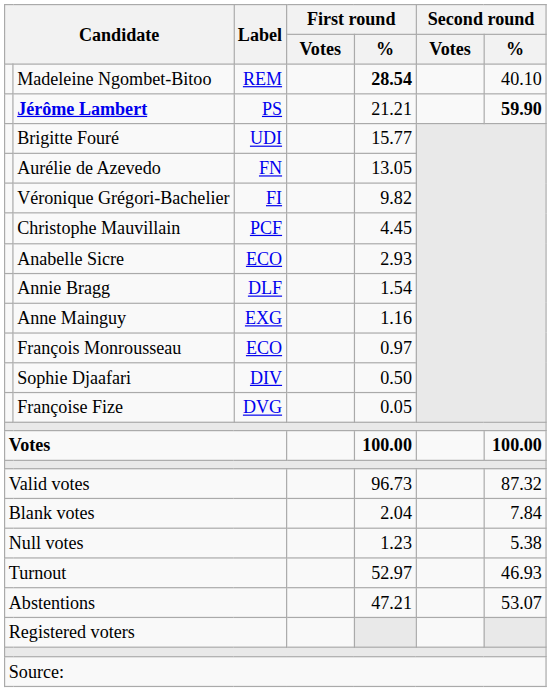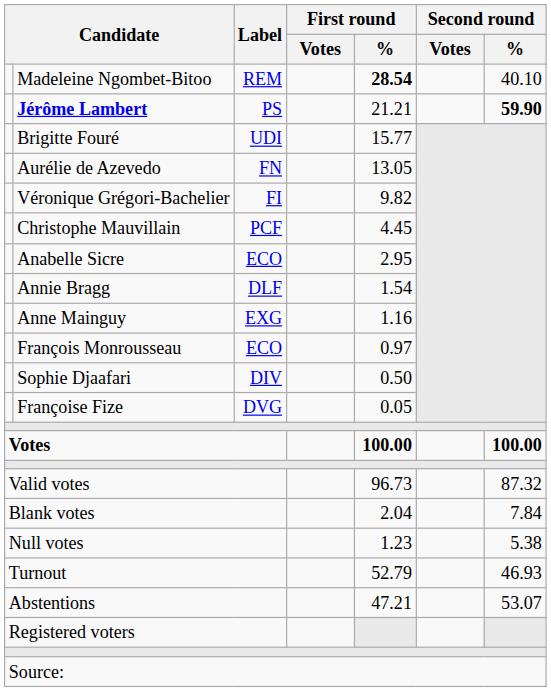 <table class="wikitable" style="text-align:right;font-size:95%;">
 <tr>
 <th colspan="2" rowspan="2">Candidate</th>
 <th rowspan="2">Label</th>
 <th colspan="2">First round</th>
 <th colspan="2">Second round</th>
 </tr>
 <tr>
 <th style="width:50px;">Votes</th>
 <th style="width:45px;">%</th>
 <th style="width:50px;">Votes</th>
 <th style="width:45px;">%</th>
 </tr>
 <tr>
 <td style="color:inherit;background:"></td>
 <td style="text-align:left;">Madeleine Ngombet-Bitoo</td>
 <td><a href='#'>REM</a></td>
 <td></td>
 <td><strong>28.54</strong></td>
 <td></td>
 <td>40.10</td>
 </tr>
 <tr>
 <td style="color:inherit;background:"></td>
 <td style="text-align:left;"><strong><a href='#'>Jérôme Lambert</a></strong></td>
 <td><a href='#'>PS</a></td>
 <td></td>
 <td>21.21</td>
 <td><strong></strong></td>
 <td><strong>59.90</strong></td>
 </tr>
 <tr>
 <td style="color:inherit;background:"></td>
 <td style="text-align:left;">Brigitte Fouré</td>
 <td><a href='#'>UDI</a></td>
 <td></td>
 <td>15.77</td>
 <td colspan="2" rowspan="10" style="background:#E9E9E9;"></td>
 </tr>
 <tr>
 <td style="color:inherit;background:"></td>
 <td style="text-align:left;">Aurélie de Azevedo</td>
 <td><a href='#'>FN</a></td>
 <td></td>
 <td>13.05</td>
 </tr>
 <tr>
 <td style="color:inherit;background:"></td>
 <td style="text-align:left;">Véronique Grégori-Bachelier</td>
 <td><a href='#'>FI</a></td>
 <td></td>
 <td>9.82</td>
 </tr>
 <tr>
 <td style="color:inherit;background:"></td>
 <td style="text-align:left;">Christophe Mauvillain</td>
 <td><a href='#'>PCF</a></td>
 <td></td>
 <td>4.45</td>
 </tr>
 <tr>
 <td style="color:inherit;background:"></td>
 <td style="text-align:left;">Anabelle Sicre</td>
 <td><a href='#'>ECO</a></td>
 <td></td>
-<td>2.93</td>
+<td>2.95</td>
 </tr>
 <tr>
 <td style="color:inherit;background:"></td>
 <td style="text-align:left;">Annie Bragg</td>
 <td><a href='#'>DLF</a></td>
 <td></td>
 <td>1.54</td>
 </tr>
 <tr>
 <td style="color:inherit;background:"></td>
 <td style="text-align:left;">Anne Mainguy</td>
 <td><a href='#'>EXG</a></td>
 <td></td>
 <td>1.16</td>
 </tr>
 <tr>
 <td style="color:inherit;background:"></td>
 <td style="text-align:left;">François Monrousseau</td>
 <td><a href='#'>ECO</a></td>
 <td></td>
 <td>0.97</td>
 </tr>
 <tr>
 <td style="color:inherit;background:"></td>
 <td style="text-align:left;">Sophie Djaafari</td>
 <td><a href='#'>DIV</a></td>
 <td></td>
 <td>0.50</td>
 </tr>
 <tr>
 <td style="color:inherit;background:"></td>
 <td style="text-align:left;">Françoise Fize</td>
 <td><a href='#'>DVG</a></td>
 <td></td>
 <td>0.05</td>
 </tr>
 <tr>
 <td colspan="7" style="background:#E9E9E9;"></td>
 </tr>
 <tr style="font-weight:bold;">
 <td colspan="3" style="text-align:left;">Votes</td>
 <td></td>
 <td>100.00</td>
 <td></td>
 <td>100.00</td>
 </tr>
 <tr>
 <td colspan="7" style="background:#E9E9E9;"></td>
 </tr>
 <tr>
 <td colspan="3" style="text-align:left;">Valid votes</td>
 <td></td>
 <td>96.73</td>
 <td></td>
 <td>87.32</td>
 </tr>
 <tr>
 <td colspan="3" style="text-align:left;">Blank votes</td>
 <td></td>
 <td>2.04</td>
 <td></td>
 <td>7.84</td>
 </tr>
 <tr>
 <td colspan="3" style="text-align:left;">Null votes</td>
 <td></td>
 <td>1.23</td>
 <td></td>
 <td>5.38</td>
 </tr>
 <tr>
 <td colspan="3" style="text-align:left;">Turnout</td>
 <td></td>
-<td>52.97</td>
+<td>52.79</td>
 <td></td>
 <td>46.93</td>
 </tr>
 <tr>
 <td colspan="3" style="text-align:left;">Abstentions</td>
 <td></td>
 <td>47.21</td>
 <td></td>
 <td>53.07</td>
 </tr>
 <tr>
 <td colspan="3" style="text-align:left;">Registered voters</td>
 <td></td>
 <td style="color:inherit;background:#E9E9E9;"></td>
 <td></td>
 <td style="color:inherit;background:#E9E9E9;"></td>
 </tr>
 <tr>
 <td colspan="7" style="background:#E9E9E9;"></td>
 </tr>
 <tr>
 <td colspan="7" style="text-align:left;">Source: </td>
 </tr>
 </table>
